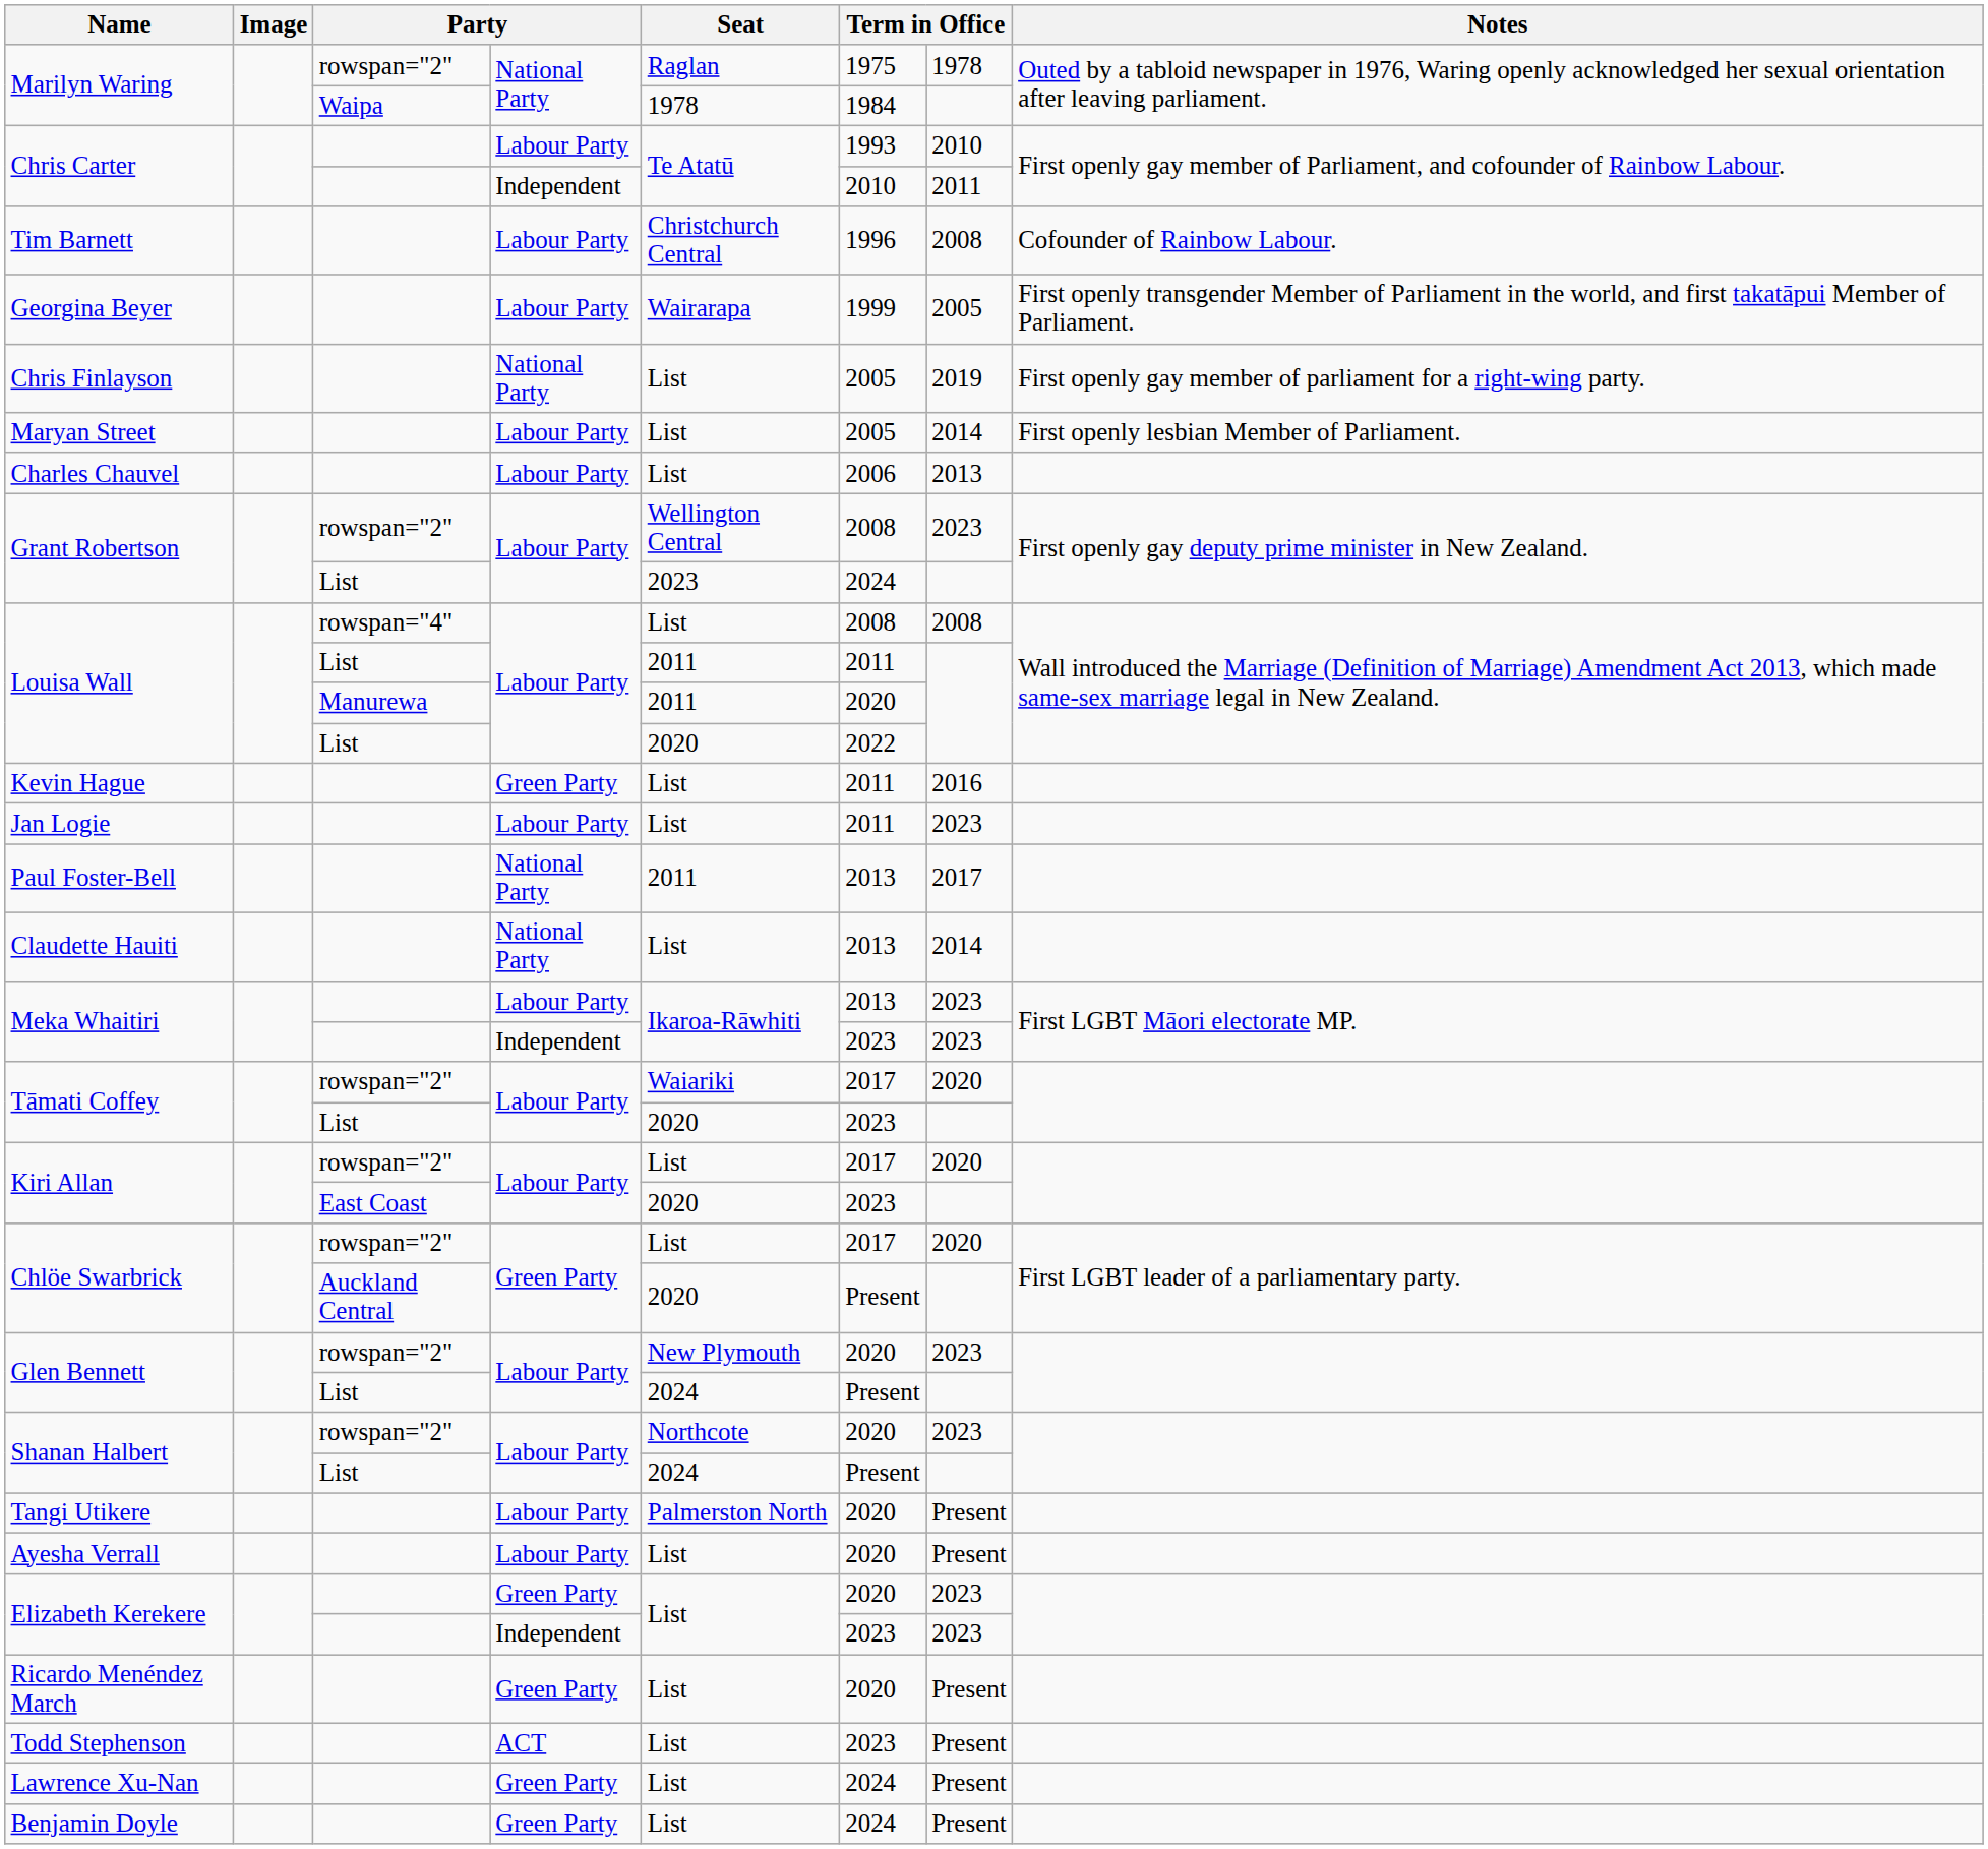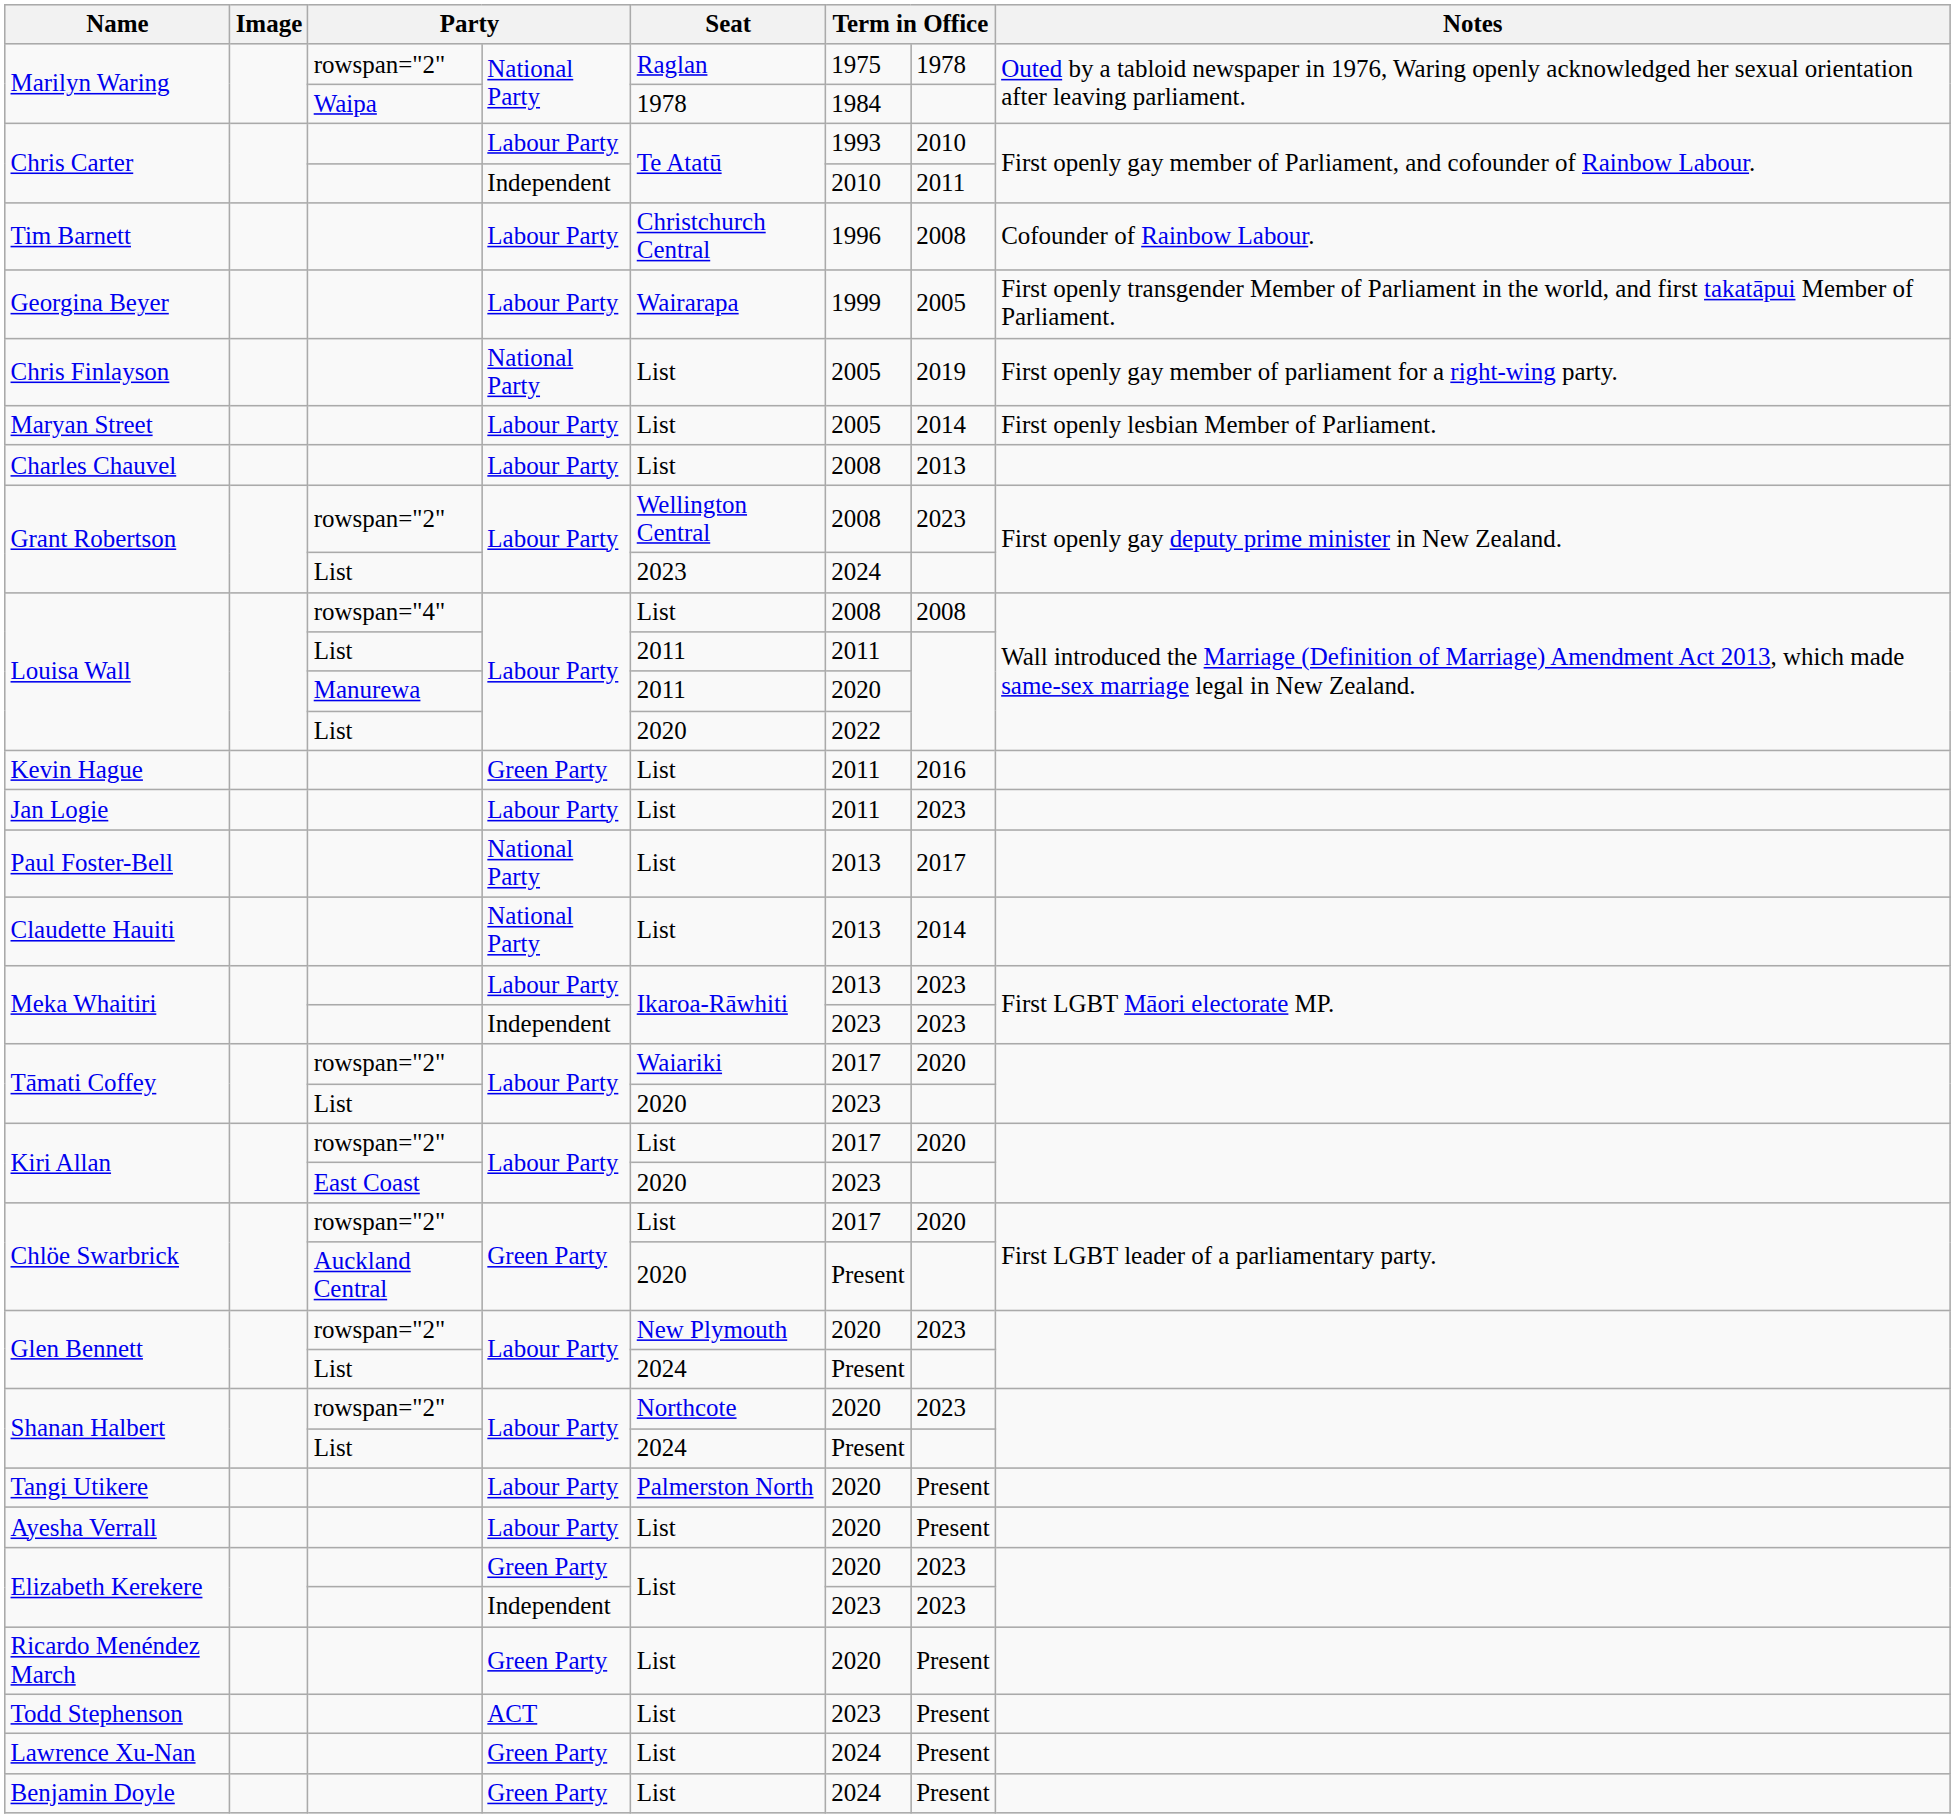 <table class="wikitable sortable">
 <tr>
 <th>Name</th>
 <th>Image</th>
 <th colspan="2">Party</th>
 <th>Seat</th>
 <th colspan="2">Term in Office</th>
 <th>Notes</th>
 </tr>
 <tr>
 <td rowspan="2"><a href='#'>Marilyn Waring</a></td>
 <td rowspan="2"></td>
 <td>rowspan="2" </td>
 <td rowspan="2"><a href='#'>National Party</a></td>
 <td><a href='#'>Raglan</a></td>
 <td>1975</td>
 <td>1978</td>
 <td rowspan="2"><a href='#'>Outed</a> by a tabloid newspaper in 1976, Waring openly acknowledged her sexual orientation after leaving parliament.</td>
 </tr>
 <tr>
 <td><a href='#'>Waipa</a></td>
 <td>1978</td>
 <td>1984</td>
 </tr>
 <tr>
 <td rowspan="2"><a href='#'>Chris Carter</a></td>
 <td rowspan="2"></td>
 <td></td>
 <td><a href='#'>Labour Party</a></td>
 <td rowspan="2"><a href='#'>Te Atatū</a></td>
 <td>1993</td>
 <td>2010</td>
 <td rowspan="2">First openly gay member of Parliament, and cofounder of <a href='#'>Rainbow Labour</a>.</td>
 </tr>
 <tr>
 <td></td>
 <td>Independent</td>
 <td>2010</td>
 <td>2011</td>
 </tr>
 <tr>
 <td><a href='#'>Tim Barnett</a></td>
 <td></td>
 <td></td>
 <td><a href='#'>Labour Party</a></td>
 <td><a href='#'>Christchurch Central</a></td>
 <td>1996</td>
 <td>2008</td>
 <td>Cofounder of <a href='#'>Rainbow Labour</a>.</td>
 </tr>
 <tr>
 <td><a href='#'>Georgina Beyer</a></td>
 <td></td>
 <td></td>
 <td><a href='#'>Labour Party</a></td>
 <td><a href='#'>Wairarapa</a></td>
 <td>1999</td>
 <td>2005</td>
 <td>First openly transgender Member of Parliament in the world, and first <a href='#'>takatāpui</a> Member of Parliament.</td>
 </tr>
 <tr>
 <td><a href='#'>Chris Finlayson</a></td>
 <td></td>
 <td></td>
 <td><a href='#'>National Party</a></td>
 <td>List</td>
 <td>2005</td>
 <td>2019</td>
 <td>First openly gay member of parliament for a <a href='#'>right-wing</a> party.</td>
 </tr>
 <tr>
 <td><a href='#'>Maryan Street</a></td>
 <td></td>
 <td></td>
 <td><a href='#'>Labour Party</a></td>
 <td>List</td>
 <td>2005</td>
 <td>2014</td>
 <td>First openly lesbian Member of Parliament.</td>
 </tr>
 <tr>
 <td><a href='#'>Charles Chauvel</a></td>
 <td></td>
 <td></td>
 <td><a href='#'>Labour Party</a></td>
 <td>List</td>
-<td>2006</td>
+<td>2008</td>
 <td>2013</td>
 <td></td>
 </tr>
 <tr>
 <td rowspan="2"><a href='#'>Grant Robertson</a></td>
 <td rowspan="2"></td>
 <td>rowspan="2" </td>
 <td rowspan="2"><a href='#'>Labour Party</a></td>
 <td><a href='#'>Wellington Central</a></td>
 <td>2008</td>
 <td>2023</td>
 <td rowspan="2">First openly gay <a href='#'>deputy prime minister</a> in New Zealand.</td>
 </tr>
 <tr>
 <td>List</td>
 <td>2023</td>
 <td>2024</td>
 </tr>
 <tr>
 <td rowspan="4"><a href='#'>Louisa Wall</a></td>
 <td rowspan="4"></td>
 <td>rowspan="4" </td>
 <td rowspan="4"><a href='#'>Labour Party</a></td>
 <td>List</td>
 <td>2008</td>
 <td>2008</td>
 <td rowspan="4">Wall introduced the <a href='#'>Marriage (Definition of Marriage) Amendment Act 2013</a>, which made <a href='#'>same-sex marriage</a> legal in New Zealand.</td>
 </tr>
 <tr>
 <td>List</td>
 <td>2011</td>
 <td>2011</td>
 </tr>
 <tr>
 <td><a href='#'>Manurewa</a></td>
 <td>2011</td>
 <td>2020</td>
 </tr>
 <tr>
 <td>List</td>
 <td>2020</td>
 <td>2022</td>
 </tr>
 <tr>
 <td><a href='#'>Kevin Hague</a></td>
 <td></td>
 <td></td>
 <td><a href='#'>Green Party</a></td>
 <td>List</td>
 <td>2011</td>
 <td>2016</td>
 <td></td>
 </tr>
 <tr>
 <td><a href='#'>Jan Logie</a></td>
 <td></td>
 <td></td>
 <td><a href='#'>Labour Party</a></td>
 <td>List</td>
 <td>2011</td>
 <td>2023</td>
 <td></td>
 </tr>
 <tr>
 <td><a href='#'>Paul Foster-Bell</a></td>
 <td></td>
 <td></td>
 <td><a href='#'>National Party</a></td>
-<td>2011</td>
+<td>List</td>
 <td>2013</td>
 <td>2017</td>
 <td></td>
 </tr>
 <tr>
 <td><a href='#'>Claudette Hauiti</a></td>
 <td></td>
 <td></td>
 <td><a href='#'>National Party</a></td>
 <td>List</td>
 <td>2013</td>
 <td>2014</td>
 <td></td>
 </tr>
 <tr>
 <td rowspan="2"><a href='#'>Meka Whaitiri</a></td>
 <td rowspan="2"></td>
 <td></td>
 <td><a href='#'>Labour Party</a></td>
 <td rowspan="2"><a href='#'>Ikaroa-Rāwhiti</a></td>
 <td>2013</td>
 <td>2023</td>
 <td rowspan="2">First LGBT <a href='#'>Māori electorate</a> MP.</td>
 </tr>
 <tr>
 <td></td>
 <td>Independent</td>
 <td>2023</td>
 <td>2023</td>
 </tr>
 <tr>
 <td rowspan="2"><a href='#'>Tāmati Coffey</a></td>
 <td rowspan="2"></td>
 <td>rowspan="2" </td>
 <td rowspan="2"><a href='#'>Labour Party</a></td>
 <td><a href='#'>Waiariki</a></td>
 <td>2017</td>
 <td>2020</td>
 <td rowspan="2"></td>
 </tr>
 <tr>
 <td>List</td>
 <td>2020</td>
 <td>2023</td>
 </tr>
 <tr>
 <td rowspan="2"><a href='#'>Kiri Allan</a></td>
 <td rowspan="2"></td>
 <td>rowspan="2" </td>
 <td rowspan="2"><a href='#'>Labour Party</a></td>
 <td>List</td>
 <td>2017</td>
 <td>2020</td>
 <td rowspan="2"></td>
 </tr>
 <tr>
 <td><a href='#'>East Coast</a></td>
 <td>2020</td>
 <td>2023</td>
 </tr>
 <tr>
 <td rowspan="2"><a href='#'>Chlöe Swarbrick</a></td>
 <td rowspan="2"></td>
 <td>rowspan="2" </td>
 <td rowspan="2"><a href='#'>Green Party</a></td>
 <td>List</td>
 <td>2017</td>
 <td>2020</td>
 <td rowspan="2">First LGBT leader of a parliamentary party.</td>
 </tr>
 <tr>
 <td><a href='#'>Auckland Central</a></td>
 <td>2020</td>
 <td>Present</td>
 </tr>
 <tr>
 <td rowspan="2"><a href='#'>Glen Bennett</a></td>
 <td rowspan="2"></td>
 <td>rowspan="2" </td>
 <td rowspan="2"><a href='#'>Labour Party</a></td>
 <td><a href='#'>New Plymouth</a></td>
 <td>2020</td>
 <td>2023</td>
 <td rowspan="2"></td>
 </tr>
 <tr>
 <td>List</td>
 <td>2024</td>
 <td>Present</td>
 </tr>
 <tr>
 <td rowspan="2"><a href='#'>Shanan Halbert</a></td>
 <td rowspan="2"></td>
 <td>rowspan="2" </td>
 <td rowspan="2"><a href='#'>Labour Party</a></td>
 <td><a href='#'>Northcote</a></td>
 <td>2020</td>
 <td>2023</td>
 <td rowspan="2"></td>
 </tr>
 <tr>
 <td>List</td>
 <td>2024</td>
 <td>Present</td>
 </tr>
 <tr>
 <td><a href='#'>Tangi Utikere</a></td>
 <td></td>
 <td></td>
 <td><a href='#'>Labour Party</a></td>
 <td><a href='#'>Palmerston North</a></td>
 <td>2020</td>
 <td>Present</td>
 <td></td>
 </tr>
 <tr>
 <td><a href='#'>Ayesha Verrall</a></td>
 <td></td>
 <td></td>
 <td><a href='#'>Labour Party</a></td>
 <td>List</td>
 <td>2020</td>
 <td>Present</td>
 <td></td>
 </tr>
 <tr>
 <td rowspan="2"><a href='#'>Elizabeth Kerekere</a></td>
 <td rowspan="2"></td>
 <td></td>
 <td><a href='#'>Green Party</a></td>
 <td rowspan="2">List</td>
 <td>2020</td>
 <td>2023</td>
 <td rowspan="2"></td>
 </tr>
 <tr>
 <td></td>
 <td>Independent</td>
 <td>2023</td>
 <td>2023</td>
 </tr>
 <tr>
 <td><a href='#'>Ricardo Menéndez March</a></td>
 <td></td>
 <td></td>
 <td><a href='#'>Green Party</a></td>
 <td>List</td>
 <td>2020</td>
 <td>Present</td>
 <td></td>
 </tr>
 <tr>
 <td><a href='#'>Todd Stephenson</a></td>
 <td></td>
 <td></td>
 <td><a href='#'>ACT</a></td>
 <td>List</td>
 <td>2023</td>
 <td>Present</td>
 <td></td>
 </tr>
 <tr>
 <td><a href='#'>Lawrence Xu-Nan</a></td>
 <td></td>
 <td></td>
 <td><a href='#'>Green Party</a></td>
 <td>List</td>
 <td>2024</td>
 <td>Present</td>
 <td></td>
 </tr>
 <tr>
 <td><a href='#'>Benjamin Doyle</a></td>
 <td></td>
 <td></td>
 <td><a href='#'>Green Party</a></td>
 <td>List</td>
 <td>2024</td>
 <td>Present</td>
 <td></td>
 </tr>
 </table>
